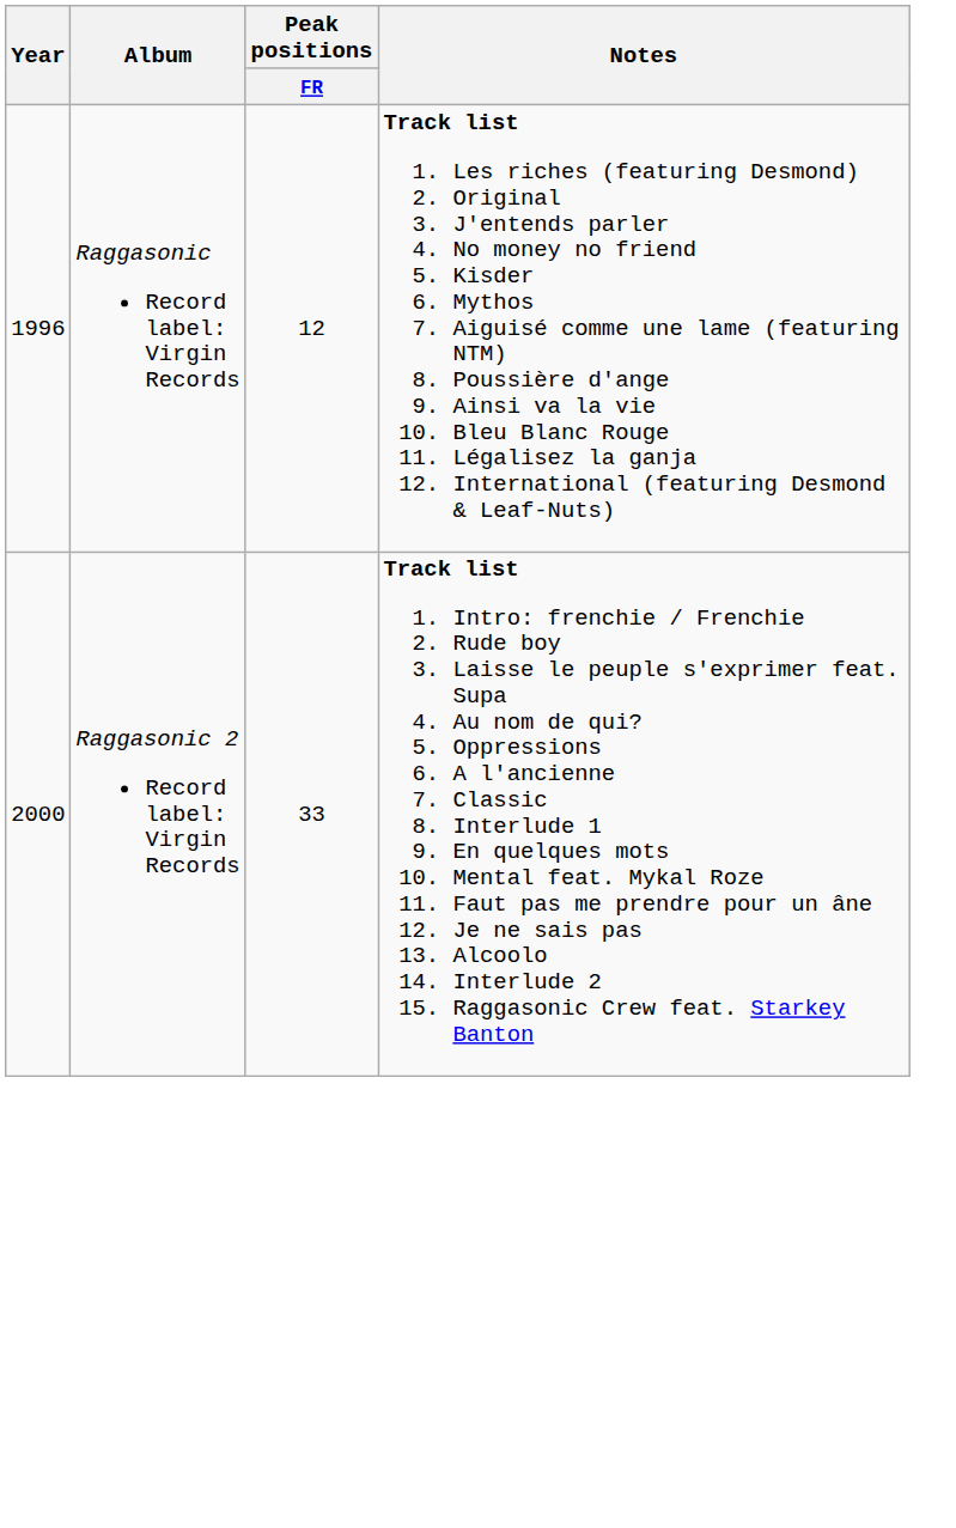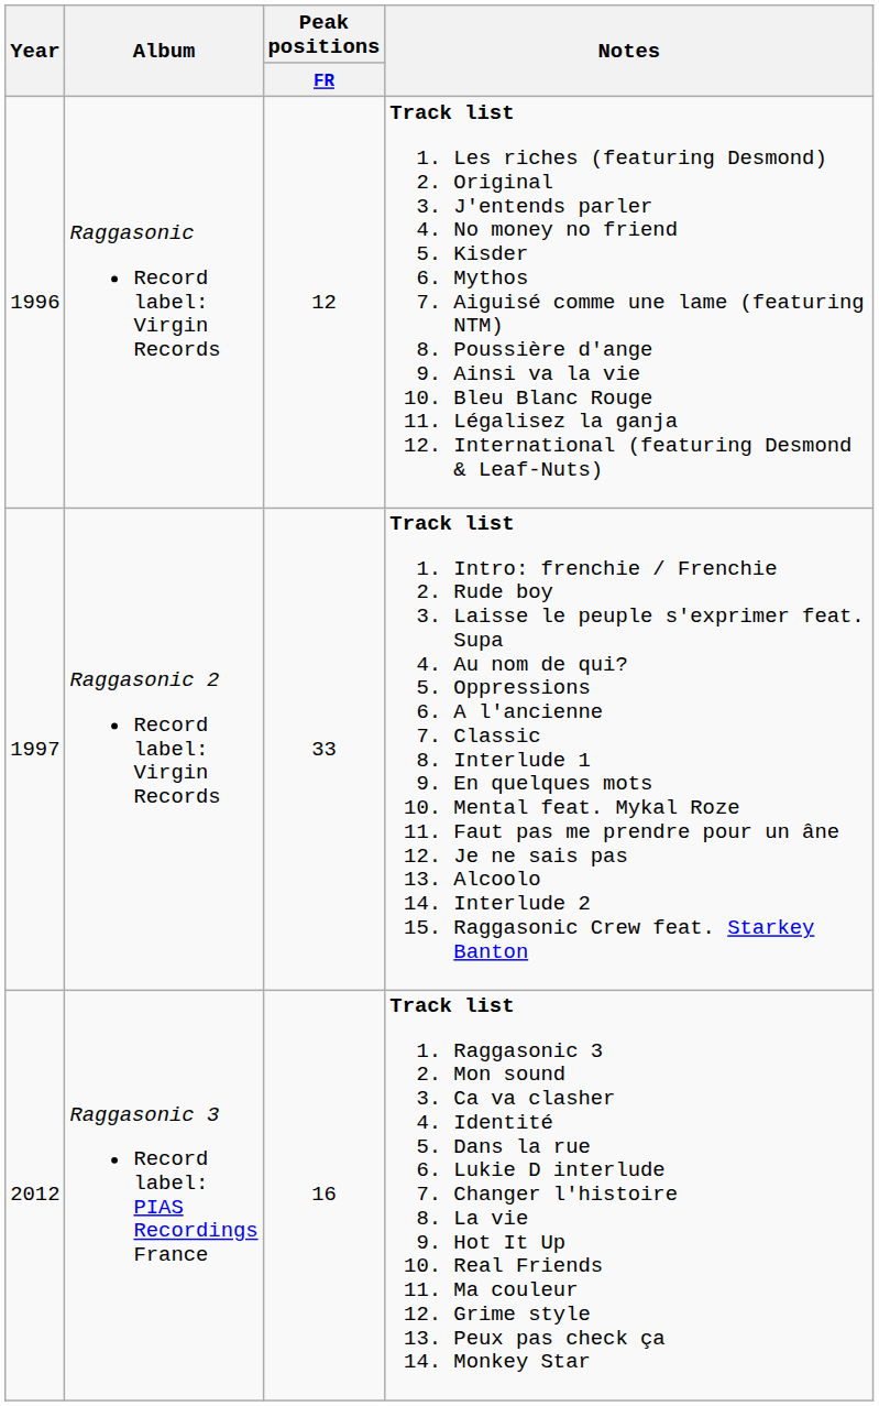 <table class="wikitable">
 <tr>
 <th align="center" rowspan="2" width="10">Year</th>
 <th align="center" rowspan="2" width="80">Album</th>
 <th align="center" colspan="1">Peak <br>positions</th>
 <th align="center" rowspan="2" width="300">Notes</th>
 </tr>
 <tr>
 <th width="20"><small><a href='#'>FR</a></small><br></th>
 </tr>
 <tr>
 <td align="center" rowspan="1">1996</td>
 <td><em>Raggasonic</em><br><ul><li>Record label: Virgin Records</li></ul></td>
 <td align="center">12</td>
 <td><strong>Track list</strong><br><ol><li>Les riches (featuring Desmond)</li><li>Original</li><li>J'entends parler</li><li>No money no friend</li><li>Kisder</li><li>Mythos</li><li>Aiguisé comme une lame (featuring NTM)</li><li>Poussière d'ange</li><li>Ainsi va la vie</li><li>Bleu Blanc Rouge</li><li>Légalisez la ganja</li><li>International (featuring Desmond & Leaf-Nuts)</li></ol></td>
 </tr>
 <tr>
-<td align="center" rowspan="1">2000</td>
+<td align="center" rowspan="1">1997</td>
 <td><em>Raggasonic 2</em><br><ul><li>Record label: Virgin Records</li></ul></td>
 <td align="center">33</td>
 <td><strong>Track list</strong><br><ol><li>Intro: frenchie / Frenchie</li><li>Rude boy</li><li>Laisse le peuple s'exprimer feat. Supa</li><li>Au nom de qui?</li><li>Oppressions</li><li>A l'ancienne</li><li>Classic</li><li>Interlude 1</li><li>En quelques mots</li><li>Mental feat. Mykal Roze</li><li>Faut pas me prendre pour un âne</li><li>Je ne sais pas</li><li>Alcoolo</li><li>Interlude 2</li><li>Raggasonic Crew feat. <a href='#'>Starkey Banton</a></li></ol></td>
 </tr>
+<tr>
+<td align="center" rowspan="1">2012</td>
+<td><em>Raggasonic 3</em><br><ul><li>Record label: <a href='#'>PIAS Recordings</a> France</li></ul></td>
+<td align="center">16</td>
+<td><strong>Track list</strong><br><ol><li>Raggasonic 3</li><li>Mon sound</li><li>Ca va clasher</li><li>Identité</li><li>Dans la rue</li><li>Lukie D interlude</li><li>Changer l'histoire</li><li>La vie</li><li>Hot It Up</li><li>Real Friends</li><li>Ma couleur</li><li>Grime style</li><li>Peux pas check ça</li><li>Monkey Star</li></ol></td>
+</tr>
 </table>
